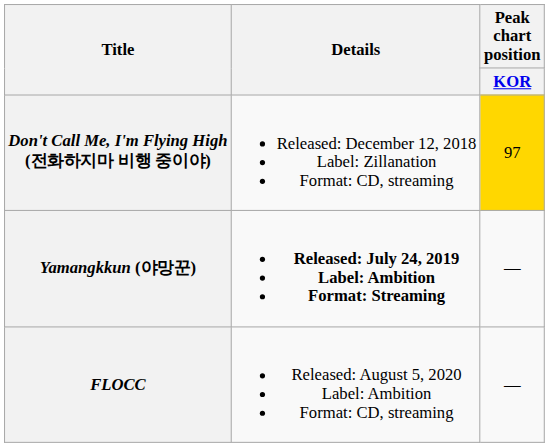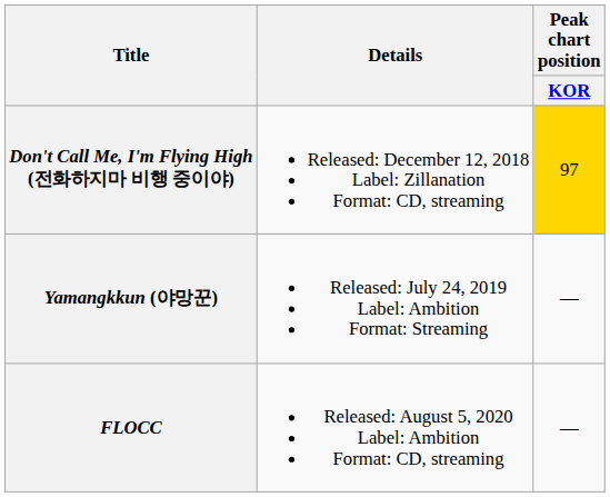 <table class="wikitable plainrowheaders" style="text-align:center;">
 <tr>
 <th rowspan="2" scope="col">Title</th>
 <th rowspan="2" scope="col">Details</th>
 <th>Peak<br>chart<br>position</th>
 </tr>
 <tr>
 <th><a href='#'>KOR</a><br></th>
 </tr>
 <tr>
 <th scope="row"><em>Don't Call Me, I'm Flying High</em><br>(전화하지마 비행 중이야)</th>
 <td><br><ul><li>Released: December 12, 2018</li><li>Label: Zillanation</li><li>Format: CD, streaming</li></ul></td>
 <td style="background: gold;">97</td>
 </tr>
 <tr>
 <th scope="row"><em>Yamangkkun</em> (야망꾼)</th>
-<td><strong><br><ul><li>Released: July 24, 2019</li><li>Label: Ambition</li><li>Format: Streaming</li></ul></strong></td>
+<td><br><ul><li>Released: July 24, 2019</li><li>Label: Ambition</li><li>Format: Streaming</li></ul></td>
 <td>—</td>
 </tr>
 <tr>
 <th scope="row"><em>FLOCC</em></th>
 <td><br><ul><li>Released: August 5, 2020</li><li>Label: Ambition</li><li>Format: CD, streaming</li></ul></td>
 <td>—</td>
 </tr>
 </table>
